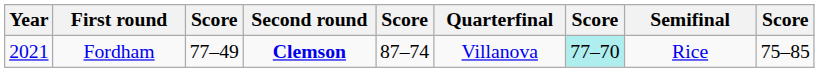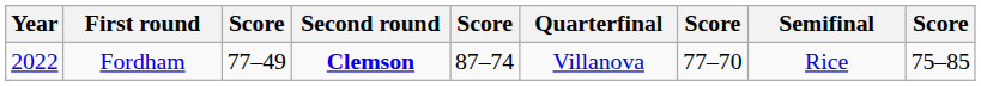 <table class="wikitable" style="font-size:; text-align:center;">
 <tr>
 <th width=px>Year</th>
 <th width=100px>First round</th>
 <th width=px>Score</th>
 <th width=100px>Second round</th>
 <th width=px>Score</th>
 <th width=100px>Quarterfinal</th>
 <th width=px>Score</th>
 <th width=100px>Semifinal</th>
 <th width=px>Score</th>
 </tr>
 <tr>
-<td><a href='#'>2021</a></td>
+<td><a href='#'>2022</a></td>
 <td><a href='#'>Fordham</a></td>
 <td>77–49</td>
 <td><strong><a href='#'>Clemson</a></strong></td>
 <td>87–74</td>
 <td><a href='#'>Villanova</a></td>
-<td style="background: paleturquoise;">77–70</td>
+<td>77–70</td>
 <td><a href='#'>Rice</a></td>
 <td>75–85</td>
 </tr>
 </table>
